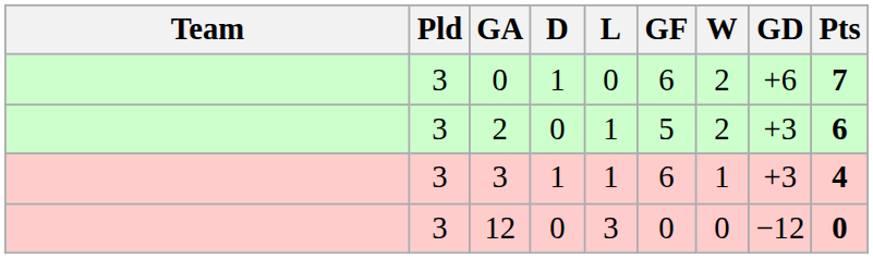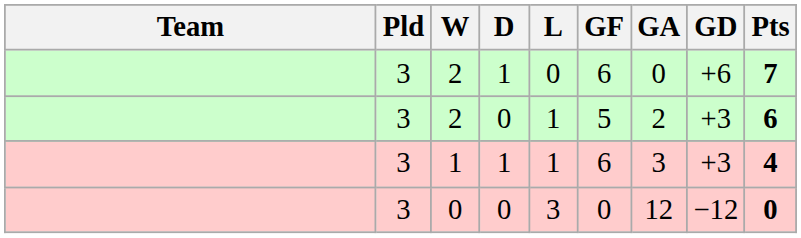 <table class=wikitable style="text-align:center">
 <tr>
 <th width=200>Team</th>
 <th width=20>Pld</th>
-<th width=20>GA</th>
+<th width=20>W</th>
 <th width=20>D</th>
 <th width=20>L</th>
 <th width=20>GF</th>
-<th width=20>W</th>
+<th width=20>GA</th>
 <th width=20>GD</th>
 <th width=20>Pts</th>
 </tr>
 <tr bgcolor=#ccffcc>
 <td align=left></td>
 <td>3</td>
-<td>0</td>
+<td>2</td>
 <td>1</td>
 <td>0</td>
 <td>6</td>
-<td>2</td>
+<td>0</td>
 <td>+6</td>
 <td><strong>7</strong></td>
 </tr>
 <tr bgcolor=#ccffcc>
 <td align=left></td>
 <td>3</td>
 <td>2</td>
 <td>0</td>
 <td>1</td>
 <td>5</td>
 <td>2</td>
 <td>+3</td>
 <td><strong>6</strong></td>
 </tr>
 <tr bgcolor=#ffcccc>
 <td align=left></td>
 <td>3</td>
-<td>3</td>
+<td>1</td>
 <td>1</td>
 <td>1</td>
 <td>6</td>
-<td>1</td>
+<td>3</td>
 <td>+3</td>
 <td><strong>4</strong></td>
 </tr>
 <tr bgcolor=#ffcccc>
 <td align=left></td>
 <td>3</td>
-<td>12</td>
+<td>0</td>
 <td>0</td>
 <td>3</td>
 <td>0</td>
-<td>0</td>
+<td>12</td>
 <td>−12</td>
 <td><strong>0</strong></td>
 </tr>
 </table>
